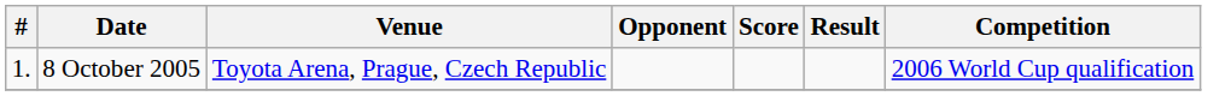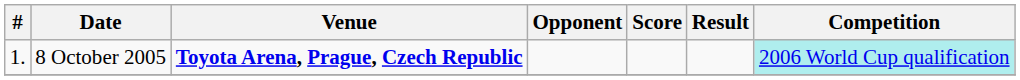 <table class="wikitable" style="font-size:90%">
 <tr>
 <th>#</th>
 <th>Date</th>
 <th>Venue</th>
 <th>Opponent</th>
 <th>Score</th>
 <th>Result</th>
 <th>Competition</th>
 </tr>
 <tr>
 <td>1.</td>
 <td>8 October 2005</td>
-<td><a href='#'>Toyota Arena</a>, <a href='#'>Prague</a>, <a href='#'>Czech Republic</a></td>
+<td><strong><a href='#'>Toyota Arena</a>, <a href='#'>Prague</a>, <a href='#'>Czech Republic</a></strong></td>
 <td></td>
 <td></td>
 <td></td>
-<td><a href='#'>2006 World Cup qualification</a></td>
+<td style="background: paleturquoise;"><a href='#'>2006 World Cup qualification</a></td>
 </tr>
 <tr>
 </tr>
 </table>
